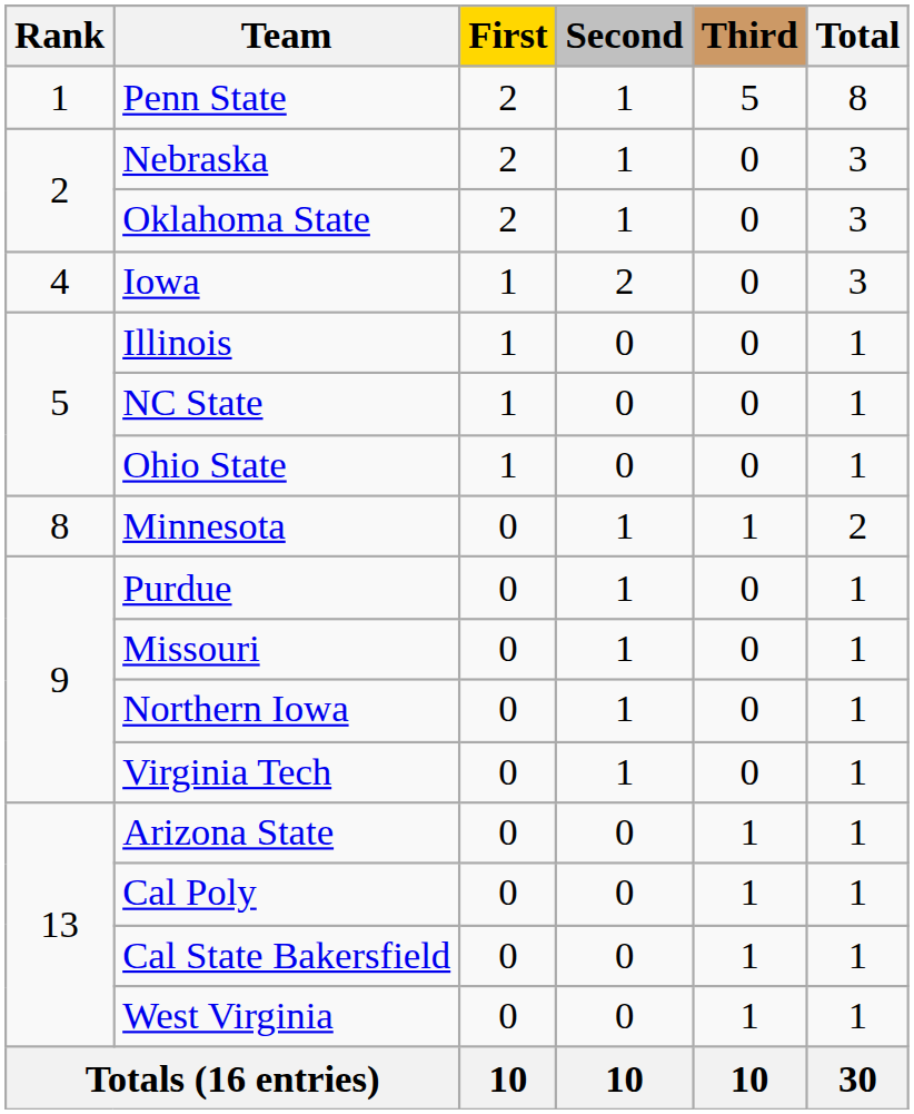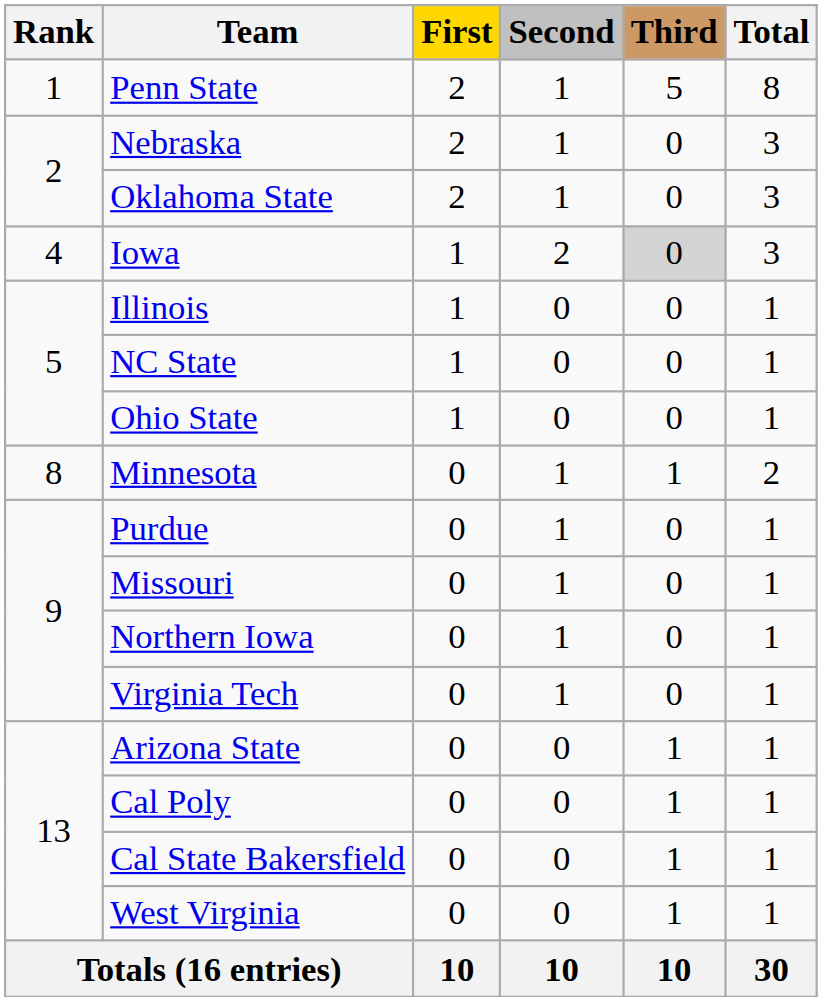 <table class="wikitable sortable" style="text-align:center">
 <tr>
 <th>Rank</th>
 <th>Team</th>
 <th style="background:gold;">First</th>
 <th style="background:silver;">Second</th>
 <th style="background:#CC9966;">Third</th>
 <th>Total</th>
 </tr>
 <tr>
 <td>1</td>
 <td align="left"><a href='#'>Penn State</a></td>
 <td>2</td>
 <td>1</td>
 <td>5</td>
 <td>8</td>
 </tr>
 <tr>
 <td rowspan="2">2</td>
 <td align="left"><a href='#'>Nebraska</a></td>
 <td>2</td>
 <td>1</td>
 <td>0</td>
 <td>3</td>
 </tr>
 <tr>
 <td align="left"><a href='#'>Oklahoma State</a></td>
 <td>2</td>
 <td>1</td>
 <td>0</td>
 <td>3</td>
 </tr>
 <tr>
 <td>4</td>
 <td align="left"><a href='#'>Iowa</a></td>
 <td>1</td>
 <td>2</td>
-<td>0</td>
+<td style="background: lightgrey;">0</td>
 <td>3</td>
 </tr>
 <tr>
 <td rowspan="3">5</td>
 <td align="left"><a href='#'>Illinois</a></td>
 <td>1</td>
 <td>0</td>
 <td>0</td>
 <td>1</td>
 </tr>
 <tr>
 <td align="left"><a href='#'>NC State</a></td>
 <td>1</td>
 <td>0</td>
 <td>0</td>
 <td>1</td>
 </tr>
 <tr>
 <td align="left"><a href='#'>Ohio State</a></td>
 <td>1</td>
 <td>0</td>
 <td>0</td>
 <td>1</td>
 </tr>
 <tr>
 <td>8</td>
 <td align="left"><a href='#'>Minnesota</a></td>
 <td>0</td>
 <td>1</td>
 <td>1</td>
 <td>2</td>
 </tr>
 <tr>
 <td rowspan="4">9</td>
 <td align="left"><a href='#'>Purdue</a></td>
 <td>0</td>
 <td>1</td>
 <td>0</td>
 <td>1</td>
 </tr>
 <tr>
 <td align="left"><a href='#'>Missouri</a></td>
 <td>0</td>
 <td>1</td>
 <td>0</td>
 <td>1</td>
 </tr>
 <tr>
 <td align="left"><a href='#'>Northern Iowa</a></td>
 <td>0</td>
 <td>1</td>
 <td>0</td>
 <td>1</td>
 </tr>
 <tr>
 <td align="left"><a href='#'>Virginia Tech</a></td>
 <td>0</td>
 <td>1</td>
 <td>0</td>
 <td>1</td>
 </tr>
 <tr>
 <td rowspan="4">13</td>
 <td align="left"><a href='#'>Arizona State</a></td>
 <td>0</td>
 <td>0</td>
 <td>1</td>
 <td>1</td>
 </tr>
 <tr>
 <td align="left"><a href='#'>Cal Poly</a></td>
 <td>0</td>
 <td>0</td>
 <td>1</td>
 <td>1</td>
 </tr>
 <tr>
 <td align="left"><a href='#'>Cal State Bakersfield</a></td>
 <td>0</td>
 <td>0</td>
 <td>1</td>
 <td>1</td>
 </tr>
 <tr>
 <td align="left"><a href='#'>West Virginia</a></td>
 <td>0</td>
 <td>0</td>
 <td>1</td>
 <td>1</td>
 </tr>
 <tr>
 <th colspan="2">Totals (16 entries)</th>
 <th>10</th>
 <th>10</th>
 <th>10</th>
 <th>30</th>
 </tr>
 </table>
